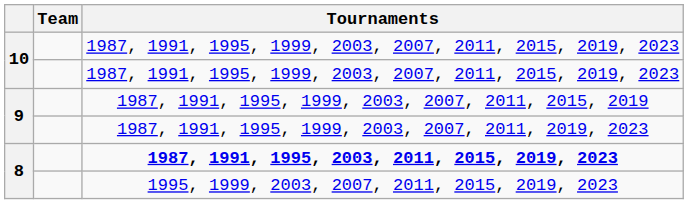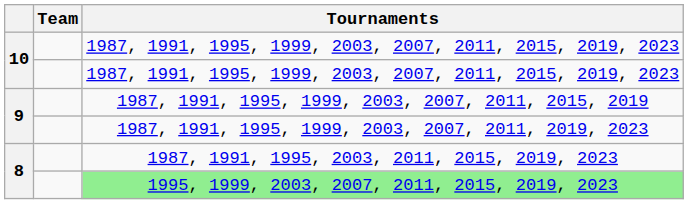 <table class="wikitable">
 <tr>
 <th></th>
 <th>Team</th>
 <th>Tournaments</th>
 </tr>
 <tr>
 <th rowspan="2">10</th>
 <td></td>
 <td align=center><a href='#'>1987</a>, <a href='#'>1991</a>, <a href='#'>1995</a>, <a href='#'>1999</a>, <a href='#'>2003</a>, <a href='#'>2007</a>, <a href='#'>2011</a>, <a href='#'>2015</a>, <a href='#'>2019</a>, <a href='#'>2023</a></td>
 </tr>
 <tr>
 <td></td>
 <td align=center><a href='#'>1987</a>, <a href='#'>1991</a>, <a href='#'>1995</a>, <a href='#'>1999</a>, <a href='#'>2003</a>, <a href='#'>2007</a>, <a href='#'>2011</a>, <a href='#'>2015</a>, <a href='#'>2019</a>, <a href='#'>2023</a></td>
 </tr>
 <tr>
 <th rowspan="2">9</th>
 <td></td>
 <td align=center><a href='#'>1987</a>, <a href='#'>1991</a>, <a href='#'>1995</a>, <a href='#'>1999</a>, <a href='#'>2003</a>, <a href='#'>2007</a>, <a href='#'>2011</a>, <a href='#'>2015</a>, <a href='#'>2019</a></td>
 </tr>
 <tr>
 <td></td>
 <td align=center><a href='#'>1987</a>, <a href='#'>1991</a>, <a href='#'>1995</a>, <a href='#'>1999</a>, <a href='#'>2003</a>, <a href='#'>2007</a>, <a href='#'>2011</a>, <a href='#'>2019</a>, <a href='#'>2023</a></td>
 </tr>
 <tr>
 <th rowspan="2">8</th>
 <td></td>
-<td align=center><strong><a href='#'>1987</a>, <a href='#'>1991</a>, <a href='#'>1995</a>, <a href='#'>2003</a>, <a href='#'>2011</a>, <a href='#'>2015</a>, <a href='#'>2019</a>, <a href='#'>2023</a></strong></td>
+<td align=center><a href='#'>1987</a>, <a href='#'>1991</a>, <a href='#'>1995</a>, <a href='#'>2003</a>, <a href='#'>2011</a>, <a href='#'>2015</a>, <a href='#'>2019</a>, <a href='#'>2023</a></td>
 </tr>
 <tr>
 <td></td>
-<td align=center><a href='#'>1995</a>, <a href='#'>1999</a>, <a href='#'>2003</a>, <a href='#'>2007</a>, <a href='#'>2011</a>, <a href='#'>2015</a>, <a href='#'>2019</a>, <a href='#'>2023</a></td>
+<td align=center style="background: lightgreen;"><a href='#'>1995</a>, <a href='#'>1999</a>, <a href='#'>2003</a>, <a href='#'>2007</a>, <a href='#'>2011</a>, <a href='#'>2015</a>, <a href='#'>2019</a>, <a href='#'>2023</a></td>
 </tr>
 </table>
